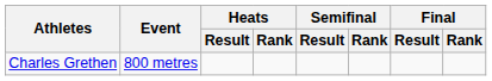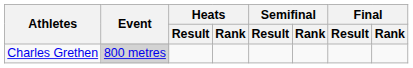 <table class="wikitable" border="1" style="font-size:90%">
 <tr>
 <th rowspan="2">Athletes</th>
 <th rowspan="2">Event</th>
 <th colspan="2">Heats</th>
 <th colspan="2">Semifinal</th>
 <th colspan="2">Final</th>
 </tr>
 <tr>
 <th>Result</th>
 <th>Rank</th>
 <th>Result</th>
 <th>Rank</th>
 <th>Result</th>
 <th>Rank</th>
 </tr>
 <tr>
 <td><a href='#'>Charles Grethen</a></td>
-<td><a href='#'>800 metres</a></td>
+<td style="background: lightgrey;"><a href='#'>800 metres</a></td>
 <td align=center></td>
 <td align=center></td>
 <td align=center></td>
 <td align=center></td>
 <td align=center></td>
 <td align=center></td>
 </tr>
 </table>
